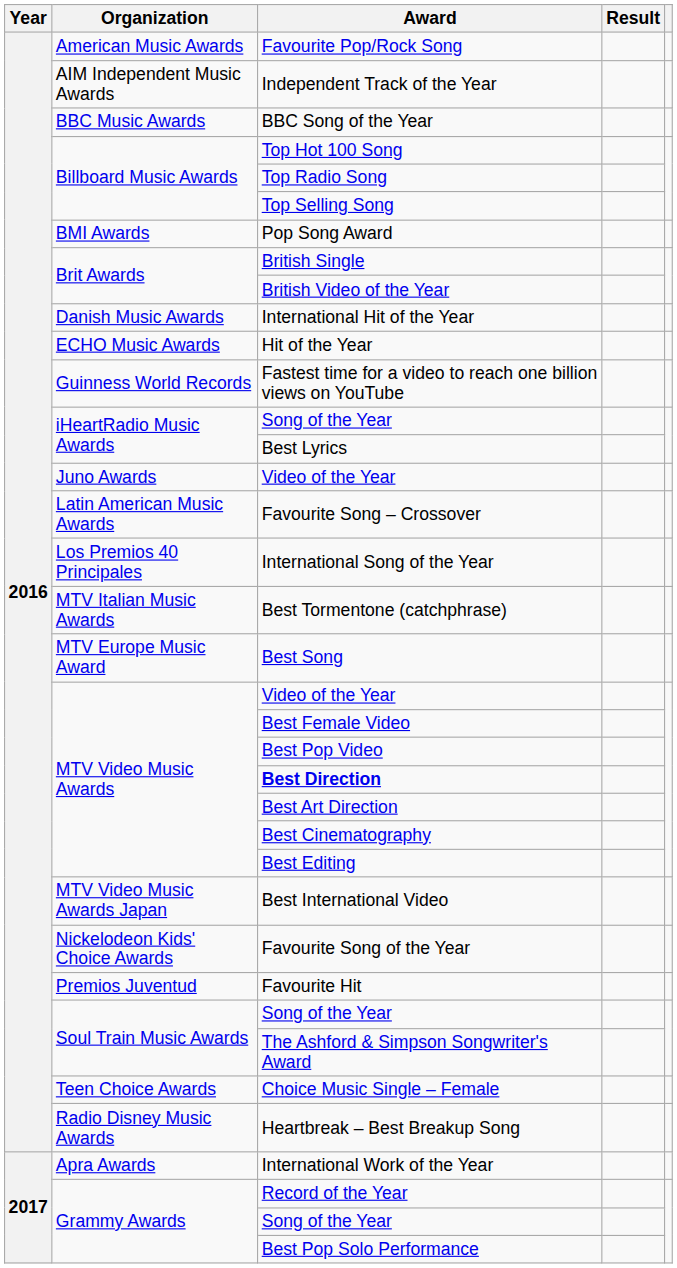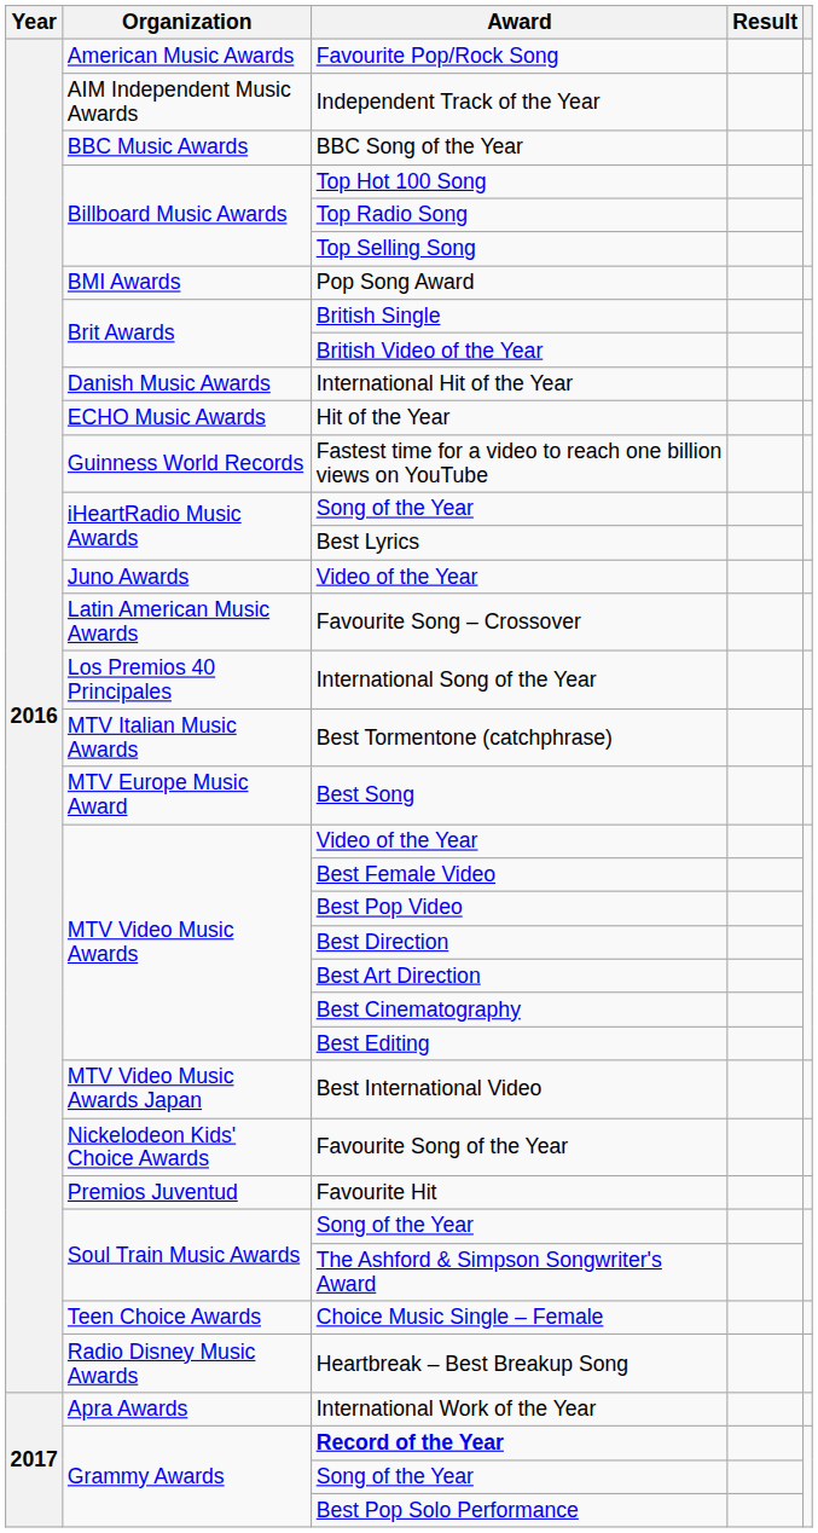 <table class="wikitable sortable plainrowheaders">
 <tr>
 <th scope="col">Year</th>
 <th scope="col">Organization</th>
 <th scope="col">Award</th>
 <th scope="col">Result</th>
 <th scope="col" class="unsortable"></th>
 </tr>
 <tr>
 <th rowspan="33" scope="row">2016</th>
 <td><a href='#'>American Music Awards</a></td>
 <td><a href='#'>Favourite Pop/Rock Song</a></td>
 <td></td>
 <td rowspan="1" align="center"></td>
 </tr>
 <tr>
 <td>AIM Independent Music Awards</td>
 <td>Independent Track of the Year</td>
 <td></td>
 <td style="text-align:center;"></td>
 </tr>
 <tr>
 <td><a href='#'>BBC Music Awards</a></td>
 <td>BBC Song of the Year</td>
 <td></td>
 <td rowspan="1" style="text-align: center;"></td>
 </tr>
 <tr>
 <td rowspan=3><a href='#'>Billboard Music Awards</a></td>
 <td><a href='#'>Top Hot 100 Song</a></td>
 <td></td>
 <td rowspan="3" style="text-align: center;"></td>
 </tr>
 <tr>
 <td><a href='#'>Top Radio Song</a></td>
 <td></td>
 </tr>
 <tr>
 <td><a href='#'>Top Selling Song</a></td>
 <td></td>
 </tr>
 <tr>
 <td><a href='#'>BMI Awards</a></td>
 <td>Pop Song Award</td>
 <td></td>
 <td rowspan="1" style="text-align:center;"></td>
 </tr>
 <tr>
 <td rowspan=2><a href='#'>Brit Awards</a></td>
 <td><a href='#'>British Single</a></td>
 <td></td>
 <td rowspan="2" style="text-align:center;"><br></td>
 </tr>
 <tr>
 <td><a href='#'>British Video of the Year</a></td>
 <td></td>
 </tr>
 <tr>
 <td><a href='#'>Danish Music Awards</a></td>
 <td>International Hit of the Year</td>
 <td></td>
 <td rowspan="1" style="text-align:center;"></td>
 </tr>
 <tr>
 <td><a href='#'>ECHO Music Awards</a></td>
 <td>Hit of the Year</td>
 <td></td>
 <td rowspan="1" style="text-align:center;"><br></td>
 </tr>
 <tr>
 <td><a href='#'>Guinness World Records</a></td>
 <td>Fastest time for a video to reach one billion views on YouTube</td>
 <td></td>
 <td style="text-align:center;"></td>
 </tr>
 <tr>
 <td rowspan=2><a href='#'>iHeartRadio Music Awards</a></td>
 <td><a href='#'>Song of the Year</a></td>
 <td></td>
 <td style="text-align:center;" rowspan="2"><br></td>
 </tr>
 <tr>
 <td>Best Lyrics</td>
 <td></td>
 </tr>
 <tr>
 <td><a href='#'>Juno Awards</a></td>
 <td><a href='#'>Video of the Year</a></td>
 <td></td>
 <td style="text-align:center;" rowspan="1"></td>
 </tr>
 <tr>
 <td><a href='#'>Latin American Music Awards</a></td>
 <td>Favourite Song – Crossover</td>
 <td></td>
 <td align="center"></td>
 </tr>
 <tr>
 <td><a href='#'>Los Premios 40 Principales</a></td>
 <td>International Song of the Year</td>
 <td></td>
 <td rowspan="1" style="text-align:center;"></td>
 </tr>
 <tr>
 <td><a href='#'>MTV Italian Music Awards</a></td>
 <td>Best Tormentone (catchphrase)</td>
 <td></td>
 <td rowspan="1"></td>
 </tr>
 <tr>
 <td><a href='#'>MTV Europe Music Award</a></td>
 <td><a href='#'>Best Song</a></td>
 <td></td>
 <td rowspan="1" style="text-align:center;"></td>
 </tr>
 <tr>
 <td rowspan=7><a href='#'>MTV Video Music Awards</a></td>
 <td><a href='#'>Video of the Year</a></td>
 <td></td>
 <td rowspan="7" style="text-align:center;"></td>
 </tr>
 <tr>
 <td><a href='#'>Best Female Video</a></td>
 <td></td>
 </tr>
 <tr>
 <td><a href='#'>Best Pop Video</a></td>
 <td></td>
 </tr>
 <tr>
-<td><strong><a href='#'>Best Direction</a></strong></td>
+<td><a href='#'>Best Direction</a></td>
 <td></td>
 </tr>
 <tr>
 <td><a href='#'>Best Art Direction</a></td>
 <td></td>
 </tr>
 <tr>
 <td><a href='#'>Best Cinematography</a></td>
 <td></td>
 </tr>
 <tr>
 <td><a href='#'>Best Editing</a></td>
 <td></td>
 </tr>
 <tr>
 <td><a href='#'>MTV Video Music Awards Japan</a></td>
 <td>Best International Video</td>
 <td></td>
 <td rowspan="1" style="text-align:center;"></td>
 </tr>
 <tr>
 <td><a href='#'>Nickelodeon Kids' Choice Awards</a></td>
 <td>Favourite Song of the Year</td>
 <td></td>
 <td rowspan="1"></td>
 </tr>
 <tr>
 <td><a href='#'>Premios Juventud</a></td>
 <td>Favourite Hit</td>
 <td></td>
 <td rowspan="1" style="text-align:center;"></td>
 </tr>
 <tr>
 <td rowspan=2><a href='#'>Soul Train Music Awards</a></td>
 <td><a href='#'>Song of the Year</a></td>
 <td></td>
 <td rowspan="2" style="text-align:center;"></td>
 </tr>
 <tr>
 <td><a href='#'>The Ashford & Simpson Songwriter's Award</a></td>
 <td></td>
 </tr>
 <tr>
 <td><a href='#'>Teen Choice Awards</a></td>
 <td><a href='#'>Choice Music Single – Female</a></td>
 <td></td>
 <td style="text-align:center;"></td>
 </tr>
 <tr>
 <td><a href='#'>Radio Disney Music Awards</a></td>
 <td>Heartbreak – Best Breakup Song</td>
 <td></td>
 <td rowspan="1" style="text-align:center;"></td>
 </tr>
 <tr>
 <th rowspan="4" scope="row">2017</th>
 <td><a href='#'>Apra Awards</a></td>
 <td>International Work of the Year</td>
 <td></td>
 <td style="text-align:center;"></td>
 </tr>
 <tr>
 <td rowspan=3><a href='#'>Grammy Awards</a></td>
-<td><a href='#'>Record of the Year</a></td>
+<td><strong><a href='#'>Record of the Year</a></strong></td>
 <td></td>
 <td rowspan="3" style="text-align:center;"></td>
 </tr>
 <tr>
 <td><a href='#'>Song of the Year</a></td>
 <td></td>
 </tr>
 <tr>
 <td><a href='#'>Best Pop Solo Performance</a></td>
 <td></td>
 </tr>
 </table>
